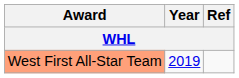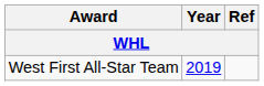 <table class="wikitable">
 <tr>
 <th>Award</th>
 <th>Year</th>
 <th>Ref</th>
 </tr>
 <tr>
 <th colspan="3"><a href='#'>WHL</a></th>
 </tr>
 <tr>
-<td style="background: lightsalmon;">West First All-Star Team</td>
+<td>West First All-Star Team</td>
 <td><a href='#'>2019</a></td>
 <td></td>
 </tr>
 </table>
